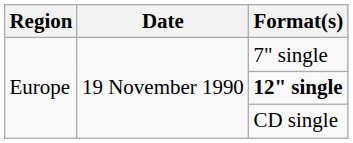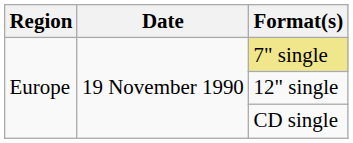 <table class="wikitable">
 <tr>
 <th>Region</th>
 <th>Date</th>
 <th>Format(s)</th>
 </tr>
 <tr>
 <td rowspan="3">Europe</td>
 <td rowspan="3">19 November 1990</td>
-<td>7" single</td>
+<td style="background: khaki;">7" single</td>
 </tr>
 <tr>
-<td><strong>12" single</strong></td>
+<td>12" single</td>
 </tr>
 <tr>
 <td>CD single</td>
 </tr>
 </table>
